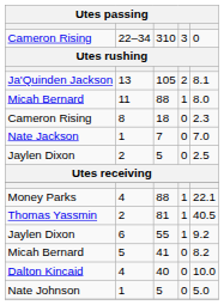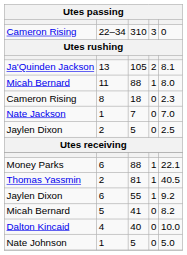 <table class="wikitable plainrowheaders">
 <tr>
 <th colspan="6">Utes passing</th>
 </tr>
 <tr>
 <th scope="col"></th>
 <th scope="col"></th>
 <th scope="col"></th>
 <th scope="col"></th>
 <th scope="col"></th>
 </tr>
 <tr>
 <td><a href='#'>Cameron Rising</a></td>
 <td>22–34</td>
 <td>310</td>
 <td>3</td>
 <td>0</td>
 </tr>
 <tr>
 <th colspan="6">Utes rushing</th>
 </tr>
 <tr>
 <th scope="col"></th>
 <th scope="col"></th>
 <th scope="col"></th>
 <th scope="col"></th>
 <th scope="col"></th>
 </tr>
 <tr>
 <td><a href='#'>Ja'Quinden Jackson</a></td>
 <td>13</td>
 <td>105</td>
 <td>2</td>
 <td>8.1</td>
 </tr>
 <tr>
 <td><a href='#'>Micah Bernard</a></td>
 <td>11</td>
 <td>88</td>
 <td>1</td>
 <td>8.0</td>
 </tr>
 <tr>
 <td>Cameron Rising</td>
 <td>8</td>
 <td>18</td>
 <td>0</td>
 <td>2.3</td>
 </tr>
 <tr>
 <td><a href='#'>Nate Jackson</a></td>
 <td>1</td>
 <td>7</td>
 <td>0</td>
 <td>7.0</td>
 </tr>
 <tr>
 <td>Jaylen Dixon</td>
 <td>2</td>
 <td>5</td>
 <td>0</td>
 <td>2.5</td>
 </tr>
 <tr>
 <th colspan="6">Utes receiving</th>
 </tr>
 <tr>
 </tr>
 <tr>
 <th scope="col"></th>
 <th scope="col"></th>
 <th scope="col"></th>
 <th scope="col"></th>
 <th scope="col"></th>
 </tr>
 <tr>
 <td>Money Parks</td>
-<td>4</td>
+<td>6</td>
 <td>88</td>
 <td>1</td>
 <td>22.1</td>
 </tr>
 <tr>
 <td><a href='#'>Thomas Yassmin</a></td>
 <td>2</td>
 <td>81</td>
 <td>1</td>
 <td>40.5</td>
 </tr>
 <tr>
 <td>Jaylen Dixon</td>
 <td>6</td>
 <td>55</td>
 <td>1</td>
 <td>9.2</td>
 </tr>
 <tr>
 <td>Micah Bernard</td>
 <td>5</td>
 <td>41</td>
 <td>0</td>
 <td>8.2</td>
 </tr>
 <tr>
 <td><a href='#'>Dalton Kincaid</a></td>
 <td>4</td>
 <td>40</td>
 <td>0</td>
 <td>10.0</td>
 </tr>
 <tr>
 <td>Nate Johnson</td>
 <td>1</td>
 <td>5</td>
 <td>0</td>
 <td>5.0</td>
 </tr>
 <tr>
 </tr>
 </table>
